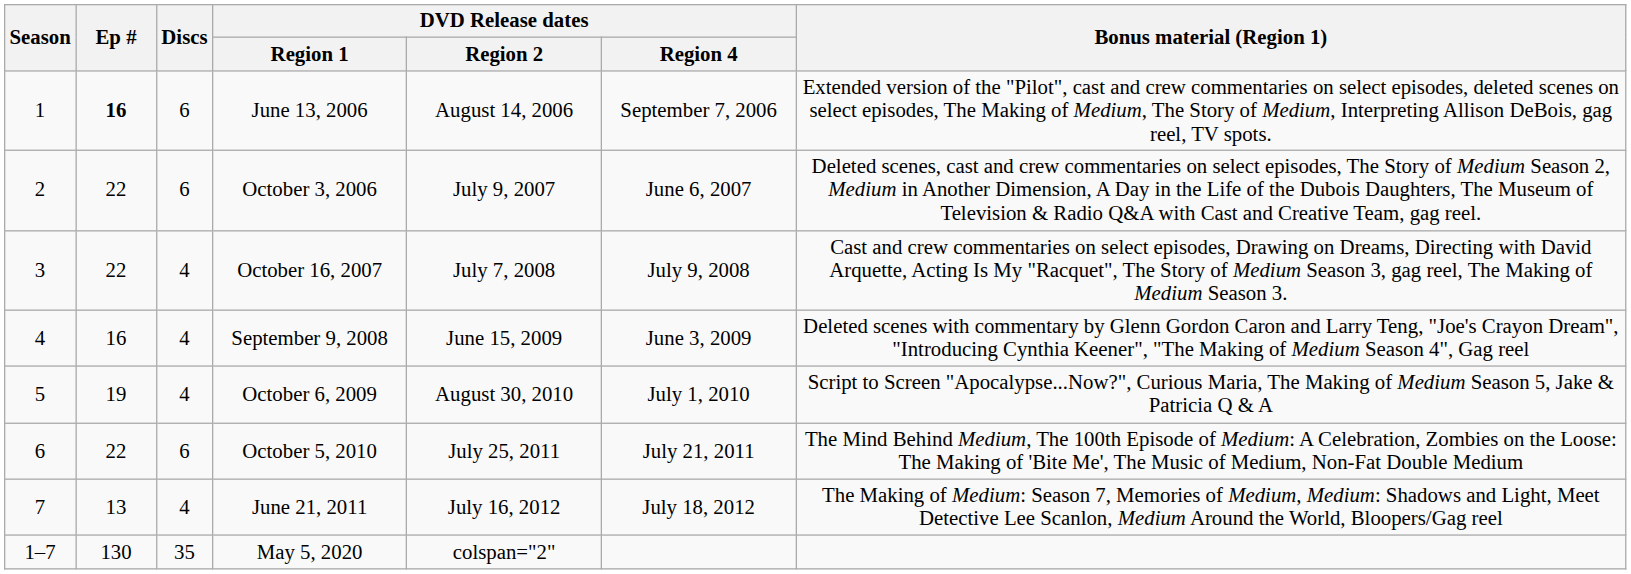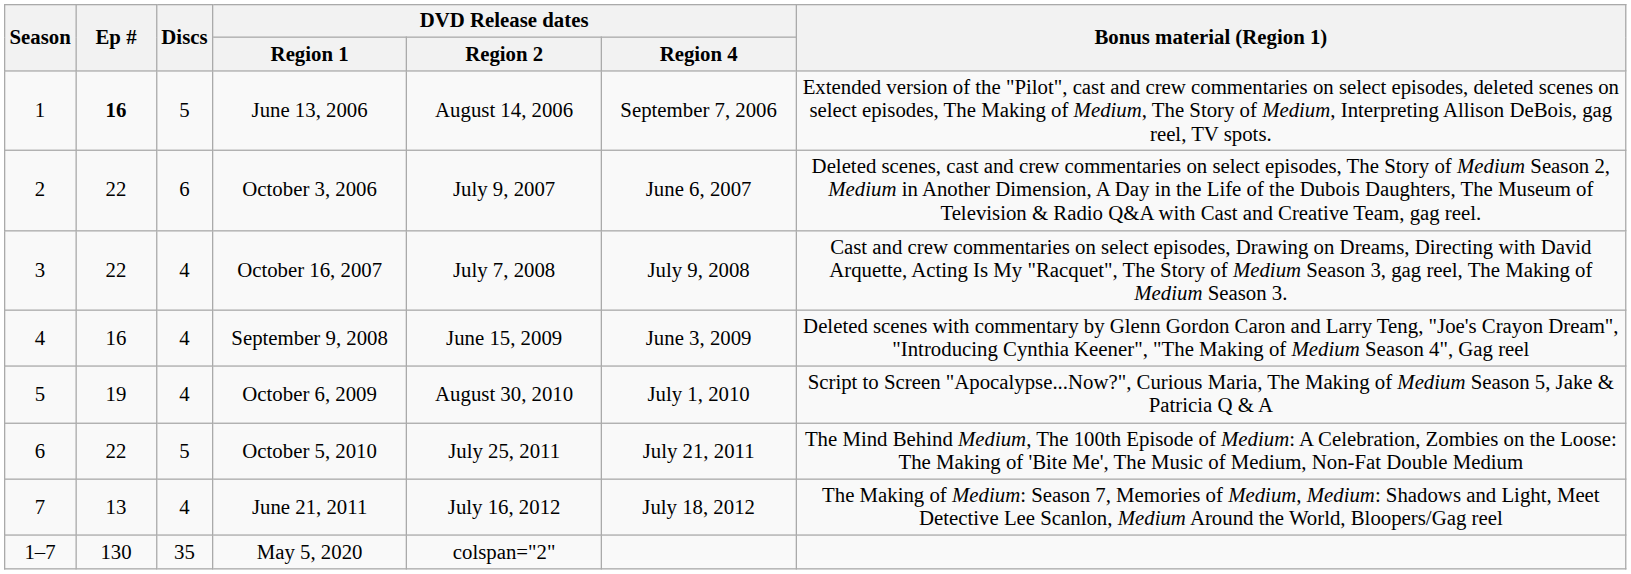 <table class="wikitable">
 <tr>
 <th rowspan="2">Season</th>
 <th style="width:5%;" rowspan="2">Ep #</th>
 <th rowspan="2">Discs</th>
 <th colspan="3">DVD Release dates</th>
 <th rowspan="2">Bonus material (Region 1)</th>
 </tr>
 <tr>
 <th style="width:12%;">Region 1</th>
 <th style="width:12%;">Region 2</th>
 <th style="width:12%;">Region 4</th>
 </tr>
 <tr style="text-align: center">
 <td>1</td>
 <td><strong>16</strong></td>
-<td>6</td>
+<td>5</td>
 <td>June 13, 2006</td>
 <td>August 14, 2006</td>
 <td>September 7, 2006</td>
 <td>Extended version of the "Pilot", cast and crew commentaries on select episodes, deleted scenes on select episodes, The Making of <em>Medium</em>, The Story of <em>Medium</em>, Interpreting Allison DeBois, gag reel, TV spots.</td>
 </tr>
 <tr style="text-align: center">
 <td>2</td>
 <td>22</td>
 <td>6</td>
 <td>October 3, 2006</td>
 <td>July 9, 2007</td>
 <td>June 6, 2007</td>
 <td>Deleted scenes, cast and crew commentaries on select episodes, The Story of <em>Medium</em> Season 2, <em>Medium</em> in Another Dimension, A Day in the Life of the Dubois Daughters, The Museum of Television & Radio Q&A with Cast and Creative Team, gag reel.</td>
 </tr>
 <tr style="text-align: center">
 <td>3</td>
 <td>22</td>
 <td>4</td>
 <td>October 16, 2007</td>
 <td>July 7, 2008</td>
 <td>July 9, 2008</td>
 <td>Cast and crew commentaries on select episodes, Drawing on Dreams, Directing with David Arquette, Acting Is My "Racquet", The Story of <em>Medium</em> Season 3, gag reel, The Making of <em>Medium</em> Season 3.</td>
 </tr>
 <tr style="text-align: center">
 <td>4</td>
 <td>16</td>
 <td>4</td>
 <td>September 9, 2008</td>
 <td>June 15, 2009</td>
 <td>June 3, 2009</td>
 <td>Deleted scenes with commentary by Glenn Gordon Caron and Larry Teng, "Joe's Crayon Dream", "Introducing Cynthia Keener", "The Making of <em>Medium</em> Season 4", Gag reel</td>
 </tr>
 <tr style="text-align: center">
 <td>5</td>
 <td>19</td>
 <td>4</td>
 <td>October 6, 2009</td>
 <td>August 30, 2010</td>
 <td>July 1, 2010</td>
 <td>Script to Screen "Apocalypse...Now?", Curious Maria, The Making of <em>Medium</em> Season 5, Jake & Patricia Q & A</td>
 </tr>
 <tr style="text-align: center">
 <td>6</td>
 <td>22</td>
-<td>6</td>
+<td>5</td>
 <td>October 5, 2010</td>
 <td>July 25, 2011</td>
 <td>July 21, 2011</td>
 <td>The Mind Behind <em>Medium</em>, The 100th Episode of <em>Medium</em>: A Celebration, Zombies on the Loose: The Making of 'Bite Me', The Music of Medium, Non-Fat Double Medium</td>
 </tr>
 <tr style="text-align: center">
 <td>7</td>
 <td>13</td>
 <td>4</td>
 <td>June 21, 2011</td>
 <td>July 16, 2012</td>
 <td>July 18, 2012</td>
 <td>The Making of <em>Medium</em>: Season 7, Memories of <em>Medium</em>, <em>Medium</em>: Shadows and Light, Meet Detective Lee Scanlon, <em>Medium</em> Around the World, Bloopers/Gag reel</td>
 </tr>
 <tr style="text-align: center">
 <td>1–7</td>
 <td>130</td>
 <td>35</td>
 <td>May 5, 2020</td>
 <td>colspan="2" </td>
 <td></td>
 </tr>
 </table>
